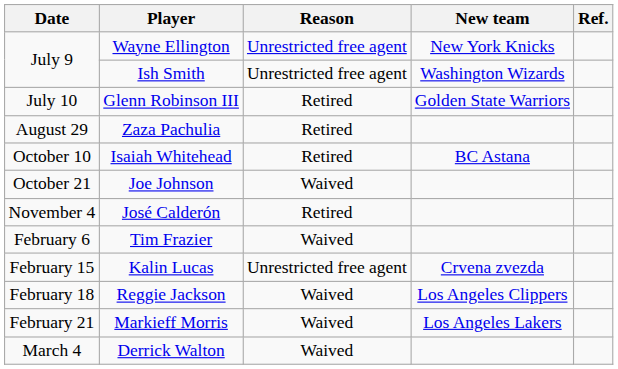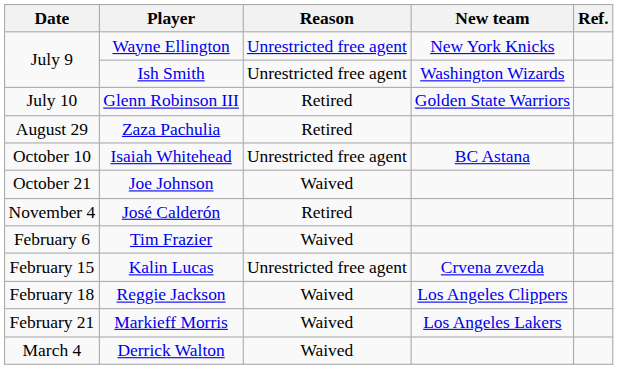 <table class="wikitable sortable sortable" style="text-align: center">
 <tr>
 <th>Date</th>
 <th>Player</th>
 <th>Reason</th>
 <th>New team</th>
 <th>Ref.</th>
 </tr>
 <tr style="text-align: center">
 <td rowspan="2">July 9</td>
 <td><a href='#'>Wayne Ellington</a></td>
 <td><a href='#'>Unrestricted free agent</a></td>
 <td><a href='#'>New York Knicks</a></td>
 <td></td>
 </tr>
 <tr>
 <td><a href='#'>Ish Smith</a></td>
 <td>Unrestricted free agent</td>
 <td><a href='#'>Washington Wizards</a></td>
 <td></td>
 </tr>
 <tr>
 <td>July 10</td>
 <td><a href='#'>Glenn Robinson III</a></td>
 <td>Retired</td>
 <td><a href='#'>Golden State Warriors</a></td>
 <td></td>
 </tr>
 <tr>
 <td>August 29</td>
 <td><a href='#'>Zaza Pachulia</a></td>
 <td>Retired</td>
 <td></td>
 <td></td>
 </tr>
 <tr>
 <td>October 10</td>
 <td><a href='#'>Isaiah Whitehead</a></td>
-<td>Retired</td>
+<td>Unrestricted free agent</td>
 <td> <a href='#'>BC Astana</a></td>
 <td></td>
 </tr>
 <tr>
 <td>October 21</td>
 <td><a href='#'>Joe Johnson</a></td>
 <td>Waived</td>
 <td></td>
 <td></td>
 </tr>
 <tr>
 <td>November 4</td>
 <td><a href='#'>José Calderón</a></td>
 <td>Retired</td>
 <td></td>
 <td></td>
 </tr>
 <tr>
 <td>February 6</td>
 <td><a href='#'>Tim Frazier</a></td>
 <td>Waived</td>
 <td></td>
 <td></td>
 </tr>
 <tr>
 <td>February 15</td>
 <td><a href='#'>Kalin Lucas</a></td>
 <td>Unrestricted free agent</td>
 <td> <a href='#'>Crvena zvezda</a></td>
 <td></td>
 </tr>
 <tr>
 <td>February 18</td>
 <td><a href='#'>Reggie Jackson</a></td>
 <td>Waived</td>
 <td><a href='#'>Los Angeles Clippers</a></td>
 <td></td>
 </tr>
 <tr>
 <td>February 21</td>
 <td><a href='#'>Markieff Morris</a></td>
 <td>Waived</td>
 <td><a href='#'>Los Angeles Lakers</a></td>
 <td></td>
 </tr>
 <tr>
 <td>March 4</td>
 <td><a href='#'>Derrick Walton</a></td>
 <td>Waived</td>
 <td></td>
 <td></td>
 </tr>
 </table>
